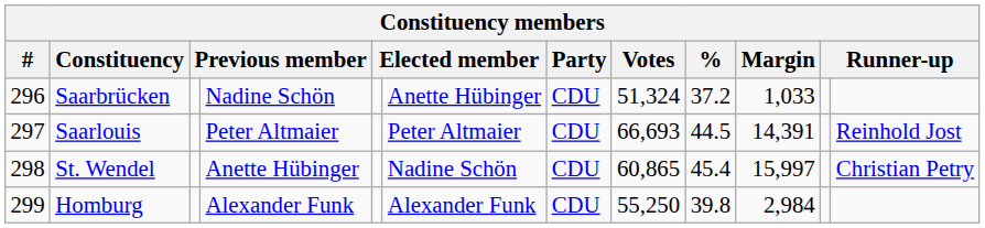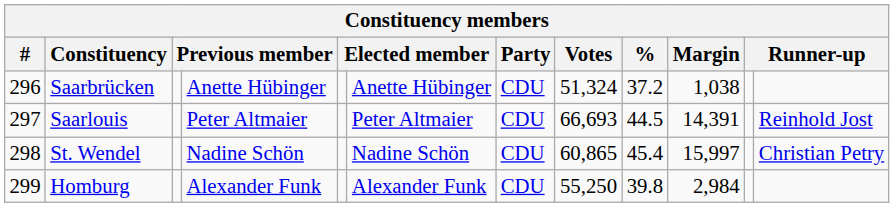 <table class="wikitable sortable" style="text-align:right">
 <tr>
 <th colspan="12">Constituency members</th>
 </tr>
 <tr>
 <th>#</th>
 <th>Constituency</th>
 <th colspan="2">Previous member</th>
 <th colspan="2">Elected member</th>
 <th>Party</th>
 <th>Votes</th>
 <th>%</th>
 <th>Margin</th>
 <th colspan="2">Runner-up</th>
 </tr>
 <tr>
 <td>296</td>
 <td align=left><a href='#'>Saarbrücken</a></td>
 <td bgcolor=></td>
-<td align=left><a href='#'>Nadine Schön</a></td>
+<td align=left><a href='#'>Anette Hübinger</a></td>
 <td></td>
 <td align=left><a href='#'>Anette Hübinger</a></td>
 <td align="left"><a href='#'>CDU</a></td>
 <td>51,324</td>
 <td>37.2</td>
-<td>1,033</td>
+<td>1,038</td>
 <td bgcolor=></td>
 <td align=left></td>
 </tr>
 <tr>
 <td>297</td>
 <td align=left><a href='#'>Saarlouis</a></td>
 <td bgcolor=></td>
 <td align=left><a href='#'>Peter Altmaier</a></td>
 <td bgcolor=></td>
 <td align=left><a href='#'>Peter Altmaier</a></td>
 <td align=left><a href='#'>CDU</a></td>
 <td>66,693</td>
 <td>44.5</td>
 <td>14,391</td>
 <td bgcolor=></td>
 <td align=left><a href='#'>Reinhold Jost</a></td>
 </tr>
 <tr>
 <td>298</td>
 <td align=left><a href='#'>St. Wendel</a></td>
 <td bgcolor=></td>
-<td align=left><a href='#'>Anette Hübinger</a></td>
+<td align=left><a href='#'>Nadine Schön</a></td>
 <td bgcolor=></td>
 <td align=left><a href='#'>Nadine Schön</a></td>
 <td align=left><a href='#'>CDU</a></td>
 <td>60,865</td>
 <td>45.4</td>
 <td>15,997</td>
 <td bgcolor=></td>
 <td align=left><a href='#'>Christian Petry</a></td>
 </tr>
 <tr>
 <td>299</td>
 <td align=left><a href='#'>Homburg</a></td>
 <td bgcolor=></td>
 <td align=left><a href='#'>Alexander Funk</a></td>
 <td></td>
 <td align=left><a href='#'>Alexander Funk</a></td>
 <td align="left"><a href='#'>CDU</a></td>
 <td>55,250</td>
 <td>39.8</td>
 <td>2,984</td>
 <td bgcolor=></td>
 <td align=left></td>
 </tr>
 </table>
